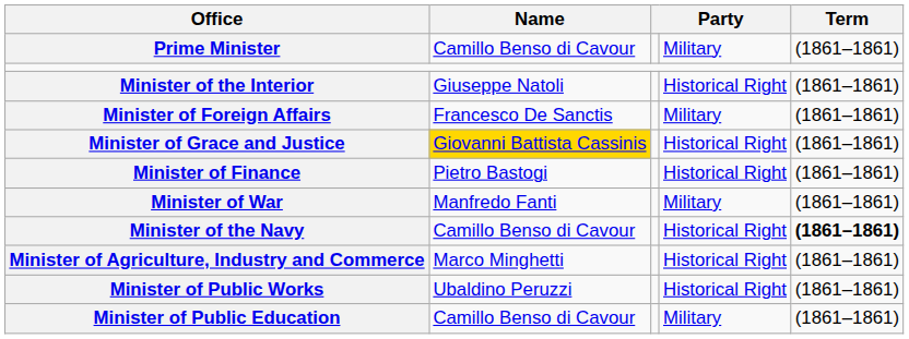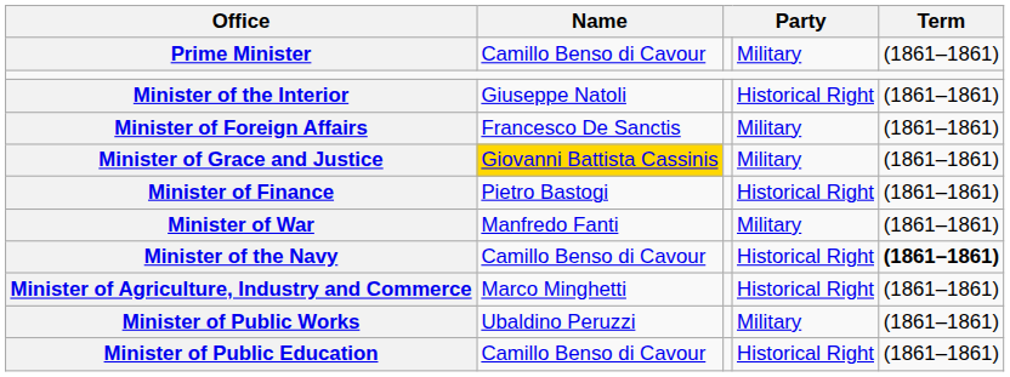 <table class="wikitable" style="font-size: 100%;">
 <tr>
 <th>Office</th>
 <th>Name</th>
 <th colspan=2>Party</th>
 <th>Term</th>
 </tr>
 <tr>
 <th><a href='#'>Prime Minister</a></th>
 <td><a href='#'>Camillo Benso di Cavour</a></td>
 <td style="color:inherit;background:"></td>
 <td><a href='#'>Military</a></td>
 <td>(1861–1861)</td>
 </tr>
 <tr>
 <td colspan=6></td>
 </tr>
 <tr>
 <th><a href='#'>Minister of the Interior</a></th>
 <td><a href='#'>Giuseppe Natoli</a></td>
 <td style="color:inherit;background:"></td>
 <td><a href='#'>Historical Right</a></td>
 <td>(1861–1861)</td>
 </tr>
 <tr>
 <th><a href='#'>Minister of Foreign Affairs</a></th>
 <td><a href='#'>Francesco De Sanctis</a></td>
 <td style="color:inherit;background:"></td>
 <td><a href='#'>Military</a></td>
 <td>(1861–1861)</td>
 </tr>
 <tr>
 <th><a href='#'>Minister of Grace and Justice</a></th>
 <td style="background: gold;"><a href='#'>Giovanni Battista Cassinis</a></td>
 <td style="color:inherit;background:"></td>
-<td><a href='#'>Historical Right</a></td>
+<td><a href='#'>Military</a></td>
 <td>(1861–1861)</td>
 </tr>
 <tr>
 <th><a href='#'>Minister of Finance</a></th>
 <td><a href='#'>Pietro Bastogi</a></td>
 <td style="color:inherit;background:"></td>
 <td><a href='#'>Historical Right</a></td>
 <td>(1861–1861)</td>
 </tr>
 <tr>
 <th><a href='#'>Minister of War</a></th>
 <td><a href='#'>Manfredo Fanti</a></td>
 <td style="color:inherit;background:"></td>
 <td><a href='#'>Military</a></td>
 <td>(1861–1861)</td>
 </tr>
 <tr>
 <th><a href='#'>Minister of the Navy</a></th>
 <td><a href='#'>Camillo Benso di Cavour</a></td>
 <td style="color:inherit;background:"></td>
 <td><a href='#'>Historical Right</a></td>
 <td><strong>(1861–1861)</strong></td>
 </tr>
 <tr>
 <th><a href='#'>Minister of Agriculture, Industry and Commerce</a></th>
 <td><a href='#'>Marco Minghetti</a></td>
 <td style="color:inherit;background:"></td>
 <td><a href='#'>Historical Right</a></td>
 <td>(1861–1861)</td>
 </tr>
 <tr>
 <th><a href='#'>Minister of Public Works</a></th>
 <td><a href='#'>Ubaldino Peruzzi</a></td>
 <td style="color:inherit;background:"></td>
-<td><a href='#'>Historical Right</a></td>
+<td><a href='#'>Military</a></td>
 <td>(1861–1861)</td>
 </tr>
 <tr>
 <th><a href='#'>Minister of Public Education</a></th>
 <td><a href='#'>Camillo Benso di Cavour</a></td>
 <td style="color:inherit;background:"></td>
-<td><a href='#'>Military</a></td>
+<td><a href='#'>Historical Right</a></td>
 <td>(1861–1861)</td>
 </tr>
 </table>
